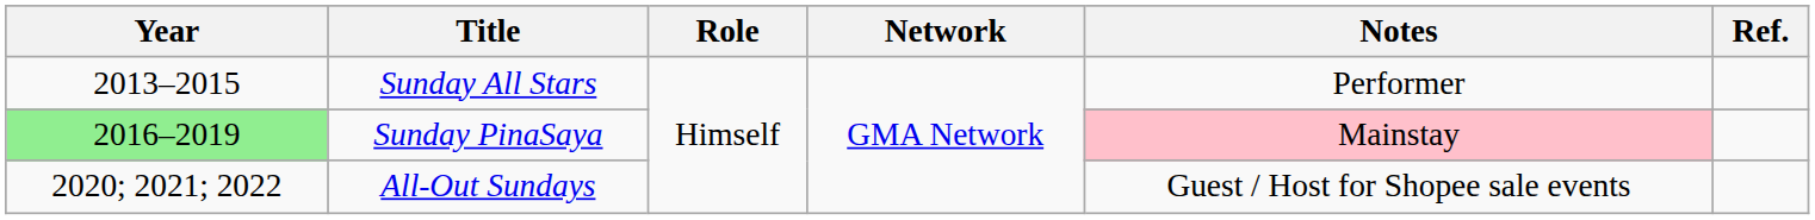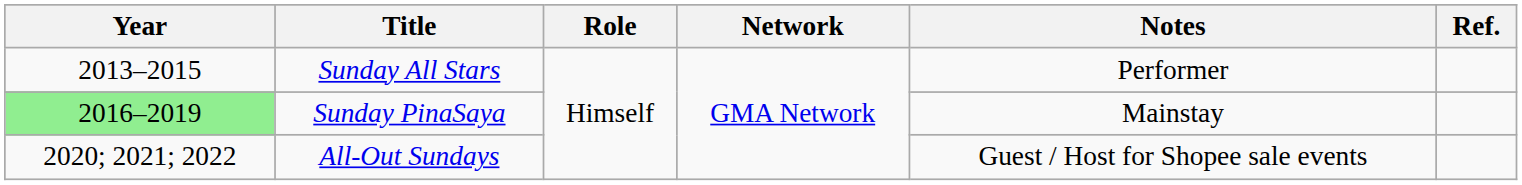 <table class="wikitable"  style="text-align:center; width:70%;">
 <tr>
 <th>Year</th>
 <th>Title</th>
 <th>Role</th>
 <th>Network</th>
 <th>Notes</th>
 <th>Ref.</th>
 </tr>
 <tr>
 <td>2013–2015</td>
 <td><em><a href='#'>Sunday All Stars</a></em></td>
 <td rowspan="3">Himself</td>
 <td rowspan="3"><a href='#'>GMA Network</a></td>
 <td>Performer</td>
 <td></td>
 </tr>
 <tr>
 <td style="background: lightgreen;">2016–2019</td>
 <td><em><a href='#'>Sunday PinaSaya</a></em></td>
-<td style="background: pink;">Mainstay</td>
+<td>Mainstay</td>
 <td></td>
 </tr>
 <tr>
 <td>2020; 2021; 2022</td>
 <td><em><a href='#'>All-Out Sundays</a></em></td>
 <td>Guest / Host for Shopee sale events</td>
 <td></td>
 </tr>
 </table>
